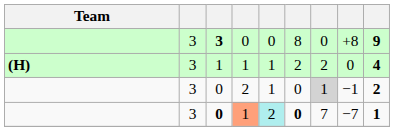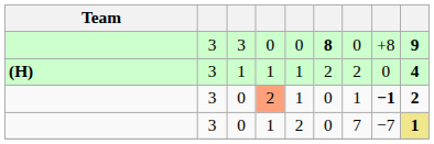 <table class="wikitable" style="text-align: center;">
 <tr>
 <th width="175">Team</th>
 <th width="20"></th>
 <th width="20"></th>
 <th width="20"></th>
 <th width="20"></th>
 <th width="20"></th>
 <th width="20"></th>
 <th width="20"></th>
 <th width="20"></th>
 </tr>
 <tr bgcolor="#ccffcc">
 <td align=left></td>
 <td>3</td>
-<td><strong>3</strong></td>
+<td>3</td>
 <td>0</td>
 <td>0</td>
-<td>8</td>
+<td><strong>8</strong></td>
 <td>0</td>
 <td>+8</td>
 <td><strong>9</strong></td>
 </tr>
 <tr bgcolor="#ccffcc">
 <td align=left> <strong>(H)</strong></td>
 <td>3</td>
 <td>1</td>
 <td>1</td>
 <td>1</td>
 <td>2</td>
 <td>2</td>
 <td>0</td>
 <td><strong>4</strong></td>
 </tr>
 <tr>
 <td align=left></td>
 <td>3</td>
 <td>0</td>
-<td>2</td>
+<td style="background: lightsalmon;">2</td>
 <td>1</td>
 <td>0</td>
-<td style="background: lightgrey;">1</td>
-<td>−1</td>
+<td>1</td>
+<td><strong>−1</strong></td>
 <td><strong>2</strong></td>
 </tr>
 <tr>
 <td align=left></td>
 <td>3</td>
-<td><strong>0</strong></td>
-<td style="background: lightsalmon;">1</td>
-<td style="background: paleturquoise;">2</td>
-<td><strong>0</strong></td>
+<td>0</td>
+<td>1</td>
+<td>2</td>
+<td>0</td>
 <td>7</td>
 <td>−7</td>
-<td><strong>1</strong></td>
+<td style="background: khaki;"><strong>1</strong></td>
 </tr>
 <tr>
 </tr>
 </table>
